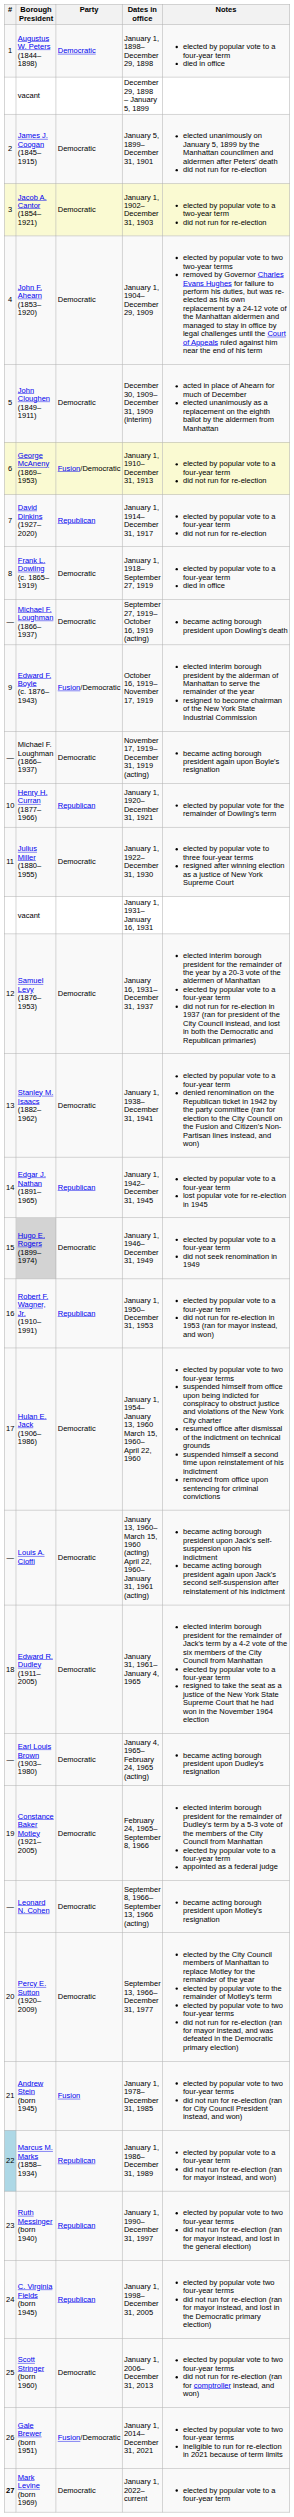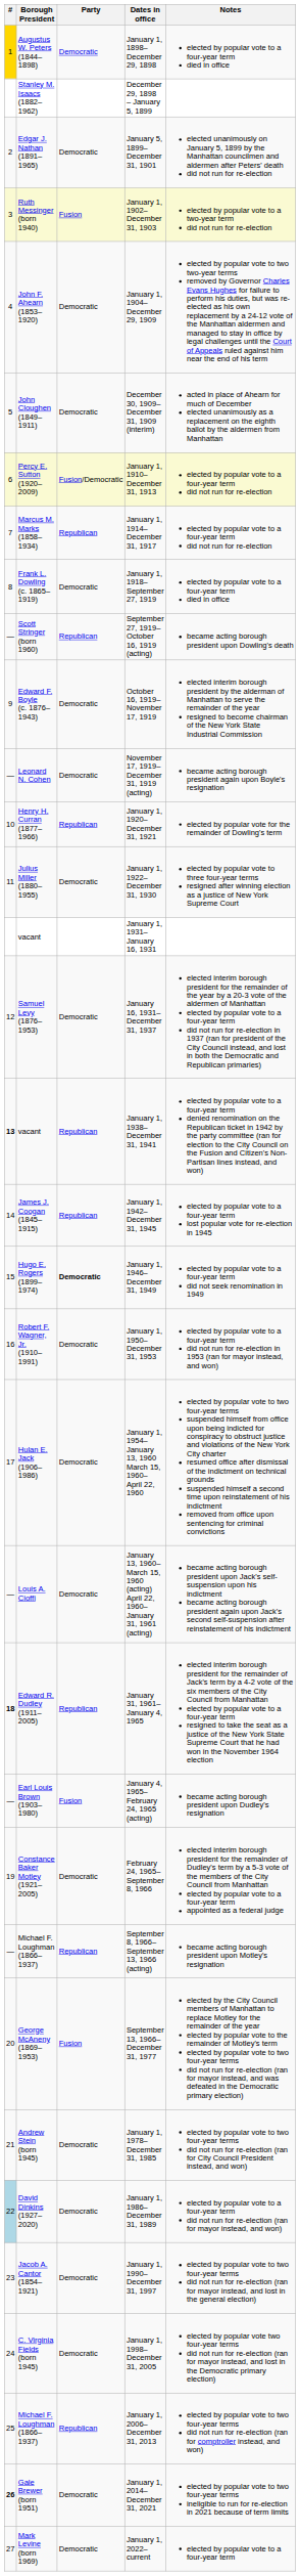 <table class="wikitable sortable mw-collapsible mw-open" >
 <tr align=center valign=top>
 <th>#</th>
 <th width = "14%">Borough President</th>
 <th>Party</th>
 <th width = "14%">Dates in office</th>
 <th>Notes</th>
 </tr>
 <tr>
-<td align=center>1</td>
+<td align=center style="background: gold;">1</td>
 <td><a href='#'>Augustus W. Peters</a><br>(1844–1898)</td>
 <td><a href='#'>Democratic</a></td>
 <td>January 1, 1898–<br>December 29, 1898</td>
 <td><br><ul><li>elected by popular vote to a four-year term</li><li>died in office</li></ul></td>
 </tr>
 <tr bgcolor=ffffff>
 <td></td>
-<td>vacant</td>
+<td><a href='#'>Stanley M. Isaacs</a><br>(1882–1962)</td>
 <td></td>
 <td>December 29, 1898<br> – January 5, 1899</td>
 <td></td>
 </tr>
 <tr>
 <td align=center>2</td>
-<td><a href='#'>James J. Coogan</a><br>(1845–1915)</td>
+<td><a href='#'>Edgar J. Nathan</a><br>(1891–1965)</td>
 <td>Democratic</td>
 <td>January 5, 1899–<br>December 31, 1901</td>
 <td><br><ul><li>elected unanimously on January 5, 1899 by the Manhattan councilmen and aldermen after Peters' death</li><li>did not run for re-election</li></ul></td>
 </tr>
 <tr bgcolor=fafad2>
 <td align=center>3</td>
-<td><a href='#'>Jacob A. Cantor</a><br>(1854–1921)</td>
-<td>Democratic</td>
+<td><a href='#'>Ruth Messinger</a><br>(born 1940)</td>
+<td><a href='#'>Fusion</a></td>
 <td>January 1, 1902–<br>December 31, 1903</td>
 <td><br><ul><li>elected by popular vote to a two-year term</li><li>did not run for re-election</li></ul></td>
 </tr>
 <tr>
 <td align=center>4</td>
 <td><a href='#'>John F. Ahearn</a><br>(1853–1920)</td>
 <td>Democratic</td>
 <td>January 1, 1904–<br>December 29, 1909</td>
 <td><br><ul><li>elected by popular vote to two two-year terms</li><li>removed by Governor <a href='#'>Charles Evans Hughes</a> for failure to perform his duties, but was re-elected as his own replacement by a 24-12 vote of the Manhattan aldermen and managed to stay in office by legal challenges until the <a href='#'>Court of Appeals</a> ruled against him near the end of his term</li></ul></td>
 </tr>
 <tr>
 <td align=center>5</td>
 <td><a href='#'>John Cloughen</a><br>(1849–1911)</td>
 <td>Democratic</td>
 <td>December 30, 1909–<br>December 31, 1909 (interim)</td>
 <td><br><ul><li>acted in place of Ahearn for much of December</li><li>elected unanimously as a replacement on the eighth ballot by the aldermen from Manhattan</li></ul></td>
 </tr>
 <tr bgcolor=fafad2>
 <td align=center>6</td>
-<td><a href='#'>George McAneny</a><br>(1869–1953)</td>
+<td><a href='#'>Percy E. Sutton</a><br>(1920–2009)</td>
 <td><a href='#'>Fusion</a>/Democratic</td>
 <td>January 1, 1910–<br>December 31, 1913</td>
 <td><br><ul><li>elected by popular vote to a four-year term</li><li>did not run for re-election</li></ul></td>
 </tr>
 <tr>
 <td align=center>7</td>
-<td><a href='#'>David Dinkins</a><br>(1927–2020)</td>
+<td><a href='#'>Marcus M. Marks</a><br>(1858–1934)</td>
 <td><a href='#'>Republican</a></td>
 <td>January 1, 1914–<br>December 31, 1917</td>
 <td><br><ul><li>elected by popular vote to a four-year term</li><li>did not run for re-election</li></ul></td>
 </tr>
 <tr>
 <td align=center>8</td>
 <td><a href='#'>Frank L. Dowling</a><br>(c. 1865–1919)</td>
 <td>Democratic</td>
 <td>January 1, 1918–<br>September 27, 1919</td>
 <td><br><ul><li>elected by popular vote to a four-year term</li><li>died in office</li></ul></td>
 </tr>
 <tr>
 <td align=center>—</td>
-<td><a href='#'>Michael F. Loughman</a><br>(1866–1937)</td>
-<td>Democratic</td>
+<td><a href='#'>Scott Stringer</a><br>(born 1960)</td>
+<td><a href='#'>Republican</a></td>
 <td>September 27, 1919–<br>October 16, 1919 (acting)</td>
 <td><br><ul><li>became acting borough president upon Dowling's death</li></ul></td>
 </tr>
 <tr>
 <td align=center>9</td>
 <td><a href='#'>Edward F. Boyle</a><br>(c. 1876–1943)</td>
-<td><a href='#'>Fusion</a>/Democratic</td>
+<td>Democratic</td>
 <td>October 16, 1919–<br>November 17, 1919</td>
 <td><br><ul><li>elected interim borough president by the alderman of Manhattan to serve the remainder of the year</li><li>resigned to become chairman of the New York State Industrial Commission</li></ul></td>
 </tr>
 <tr>
 <td align=center>—</td>
-<td>Michael F. Loughman<br>(1866–1937)</td>
+<td><a href='#'>Leonard N. Cohen</a><br></td>
 <td>Democratic</td>
 <td>November 17, 1919–<br>December 31, 1919 (acting)</td>
 <td><br><ul><li>became acting borough president again upon Boyle's resignation</li></ul></td>
 </tr>
 <tr>
 <td align=center>10</td>
 <td><a href='#'>Henry H. Curran</a><br>(1877–1966)</td>
 <td><a href='#'>Republican</a></td>
 <td>January 1, 1920–<br>December 31, 1921</td>
 <td><br><ul><li>elected by popular vote for the remainder of Dowling's term</li></ul></td>
 </tr>
 <tr>
 <td align=center>11</td>
 <td><a href='#'>Julius Miller</a><br>(1880–1955)</td>
 <td>Democratic</td>
 <td>January 1, 1922–<br>December 31, 1930</td>
 <td><br><ul><li>elected by popular vote to three four-year terms</li><li>resigned after winning election as a justice of New York Supreme Court</li></ul></td>
 </tr>
 <tr bgcolor=ffffff>
 <td align=center></td>
 <td>vacant</td>
 <td></td>
 <td>January 1, 1931–<br>January 16, 1931</td>
 <td></td>
 </tr>
 <tr>
 <td align=center>12</td>
 <td><a href='#'>Samuel Levy</a><br>(1876–1953)</td>
 <td>Democratic</td>
 <td>January 16, 1931–<br>December 31, 1937</td>
 <td><br><ul><li>elected interim borough president for the remainder of the year by a 20-3 vote of the aldermen of Manhattan</li><li>elected by popular vote to a four-year term</li><li>did not run for re-election in 1937 (ran for president of the City Council instead, and lost in both the Democratic and Republican primaries)</li></ul></td>
 </tr>
 <tr>
-<td align=center>13</td>
-<td><a href='#'>Stanley M. Isaacs</a><br>(1882–1962)</td>
-<td>Democratic</td>
+<td align=center><strong>13</strong></td>
+<td>vacant</td>
+<td><a href='#'>Republican</a></td>
 <td>January 1, 1938–<br>December 31, 1941</td>
 <td><br><ul><li>elected by popular vote to a four-year term</li><li>denied renomination on the Republican ticket in 1942 by the party committee (ran for election to the City Council on the Fusion and Citizen's Non-Partisan lines instead, and won)</li></ul></td>
 </tr>
 <tr>
 <td align=center>14</td>
-<td><a href='#'>Edgar J. Nathan</a><br>(1891–1965)</td>
+<td><a href='#'>James J. Coogan</a><br>(1845–1915)</td>
 <td><a href='#'>Republican</a></td>
 <td>January 1, 1942–<br>December 31, 1945</td>
 <td><br><ul><li>elected by popular vote to a four-year term</li><li>lost popular vote for re-election in 1945</li></ul></td>
 </tr>
 <tr>
 <td align=center>15</td>
-<td style="background: lightgrey;"><a href='#'>Hugo E. Rogers</a><br>(1899–1974)</td>
-<td>Democratic</td>
+<td><a href='#'>Hugo E. Rogers</a><br>(1899–1974)</td>
+<td><strong>Democratic</strong></td>
 <td>January 1, 1946–<br>December 31, 1949</td>
 <td><br><ul><li>elected by popular vote to a four-year term</li><li>did not seek renomination in 1949</li></ul></td>
 </tr>
 <tr>
 <td align=center>16</td>
 <td><a href='#'>Robert F. Wagner, Jr.</a><br>(1910–1991)</td>
-<td><a href='#'>Republican</a></td>
+<td>Democratic</td>
 <td>January 1, 1950–<br>December 31, 1953</td>
 <td><br><ul><li>elected by popular vote to a four-year term</li><li>did not run for re-election in 1953 (ran for mayor instead, and won)</li></ul></td>
 </tr>
 <tr>
 <td align=center>17</td>
 <td><a href='#'>Hulan E. Jack</a><br>(1906–1986)</td>
 <td>Democratic</td>
 <td>January 1, 1954–<br>January 13, 1960<br>March 15, 1960–<br>April 22, 1960</td>
 <td><br><ul><li>elected by popular vote to two four-year terms</li><li>suspended himself from office upon being indicted for conspiracy to obstruct justice and violations of the New York City charter</li><li>resumed office after dismissal of the indictment on technical grounds</li><li>suspended himself a second time upon reinstatement of his indictment</li><li>removed from office upon sentencing for criminal convictions</li></ul></td>
 </tr>
 <tr>
 <td align=center>—</td>
 <td><a href='#'>Louis A. Cioffi</a></td>
 <td>Democratic</td>
 <td>January 13, 1960–<br>March 15, 1960 (acting)<br>April 22, 1960–<br>January 31, 1961 (acting)</td>
 <td><br><ul><li>became acting borough president upon Jack's self-suspension upon his indictment</li><li>became acting borough president again upon Jack's second self-suspension after reinstatement of his indictment</li></ul></td>
 </tr>
 <tr>
-<td align=center>18</td>
+<td align=center><strong>18</strong></td>
 <td><a href='#'>Edward R. Dudley</a><br>(1911–2005)</td>
-<td>Democratic</td>
+<td><a href='#'>Republican</a></td>
 <td>January 31, 1961–<br>January 4, 1965</td>
 <td><br><ul><li>elected interim borough president for the remainder of Jack's term by a 4-2 vote of the six members of the City Council from Manhattan</li><li>elected by popular vote to a four-year term</li><li>resigned to take the seat as a justice of the New York State Supreme Court that he had won in the November 1964 election</li></ul></td>
 </tr>
 <tr>
 <td align=center>—</td>
 <td><a href='#'>Earl Louis Brown</a><br>(1903–1980)</td>
-<td>Democratic</td>
+<td><a href='#'>Fusion</a></td>
 <td>January 4, 1965–<br>February 24, 1965 (acting)</td>
 <td><br><ul><li>became acting borough president upon Dudley's resignation</li></ul></td>
 </tr>
 <tr>
 <td align=center>19</td>
 <td><a href='#'>Constance Baker Motley</a><br>(1921–2005)</td>
 <td>Democratic</td>
 <td>February 24, 1965–<br>September 8, 1966</td>
 <td><br><ul><li>elected interim borough president for the remainder of Dudley's term by a 5-3 vote of the members of the City Council from Manhattan</li><li>elected by popular vote to a four-year term</li><li>appointed as a federal judge</li></ul></td>
 </tr>
 <tr>
 <td align=center>—</td>
-<td><a href='#'>Leonard N. Cohen</a><br></td>
-<td>Democratic</td>
+<td>Michael F. Loughman<br>(1866–1937)</td>
+<td><a href='#'>Republican</a></td>
 <td>September 8, 1966–<br>September 13, 1966 (acting)</td>
 <td><br><ul><li>became acting borough president upon Motley's resignation</li></ul></td>
 </tr>
 <tr>
 <td align=center>20</td>
-<td><a href='#'>Percy E. Sutton</a><br>(1920–2009)</td>
-<td>Democratic</td>
+<td><a href='#'>George McAneny</a><br>(1869–1953)</td>
+<td><a href='#'>Fusion</a></td>
 <td>September 13, 1966–<br>December 31, 1977</td>
 <td><br><ul><li>elected by the City Council members of Manhattan to replace Motley for the remainder of the year</li><li>elected by popular vote to the remainder of Motley's term</li><li>elected by popular vote to two four-year terms</li><li>did not run for re-election (ran for mayor instead, and was defeated in the Democratic primary election)</li></ul></td>
 </tr>
 <tr>
 <td align=center>21</td>
 <td><a href='#'>Andrew Stein</a><br>(born 1945)</td>
-<td><a href='#'>Fusion</a></td>
+<td>Democratic</td>
 <td>January 1, 1978–<br>December 31, 1985</td>
 <td><br><ul><li>elected by popular vote to two four-year terms</li><li>did not run for re-election (ran for City Council President instead, and won)</li></ul></td>
 </tr>
 <tr>
 <td align=center style="background: lightblue;">22</td>
-<td><a href='#'>Marcus M. Marks</a><br>(1858–1934)</td>
-<td><a href='#'>Republican</a></td>
+<td><a href='#'>David Dinkins</a><br>(1927–2020)</td>
+<td>Democratic</td>
 <td>January 1, 1986–<br>December 31, 1989</td>
 <td><br><ul><li>elected by popular vote to a four-year term</li><li>did not run for re-election (ran for mayor instead, and won)</li></ul></td>
 </tr>
 <tr>
 <td align=center>23</td>
-<td><a href='#'>Ruth Messinger</a><br>(born 1940)</td>
-<td><a href='#'>Republican</a></td>
+<td><a href='#'>Jacob A. Cantor</a><br>(1854–1921)</td>
+<td>Democratic</td>
 <td>January 1, 1990–<br>December 31, 1997</td>
 <td><br><ul><li>elected by popular vote to two four-year terms</li><li>did not run for re-election (ran for mayor instead, and lost in the general election)</li></ul></td>
 </tr>
 <tr>
 <td align=center>24</td>
 <td><a href='#'>C. Virginia Fields</a><br>(born 1945)</td>
-<td><a href='#'>Republican</a></td>
+<td>Democratic</td>
 <td>January 1, 1998–<br>December 31, 2005</td>
 <td><br><ul><li>elected by popular vote two four-year terms</li><li>did not run for re-election (ran for mayor instead, and lost in the Democratic primary election)</li></ul></td>
 </tr>
 <tr>
 <td align=center>25</td>
-<td><a href='#'>Scott Stringer</a><br>(born 1960)</td>
-<td>Democratic</td>
+<td><a href='#'>Michael F. Loughman</a><br>(1866–1937)</td>
+<td><a href='#'>Republican</a></td>
 <td>January 1, 2006–<br>December 31, 2013</td>
 <td><br><ul><li>elected by popular vote to two four-year terms</li><li>did not run for re-election (ran for <a href='#'>comptroller</a> instead, and won)</li></ul></td>
 </tr>
 <tr>
-<td align=center>26</td>
+<td align=center><strong>26</strong></td>
 <td><a href='#'>Gale Brewer</a><br>(born 1951)</td>
-<td><a href='#'>Fusion</a>/Democratic</td>
+<td>Democratic</td>
 <td>January 1, 2014–<br>December 31, 2021</td>
 <td><br><ul><li>elected by popular vote to two four-year terms</li><li>ineligible to run for re-election in 2021 because of term limits</li></ul></td>
 </tr>
 <tr>
-<td align=center><strong>27</strong></td>
+<td align=center>27</td>
 <td><a href='#'>Mark Levine</a><br>(born 1969)</td>
 <td>Democratic</td>
 <td>January 1, 2022–<br>current</td>
 <td><br><ul><li>elected by popular vote to a four-year term</li></ul></td>
 </tr>
 </table>
